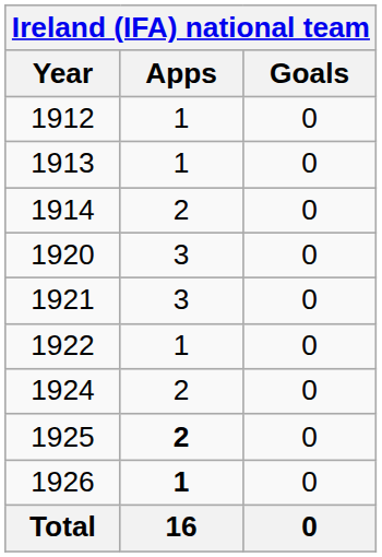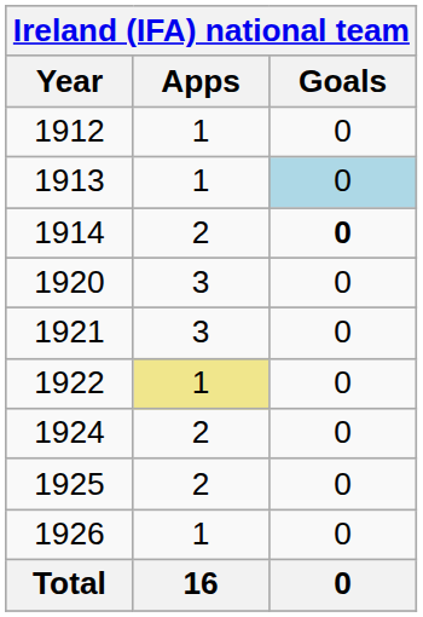 <table class="wikitable" style="text-align:center">
 <tr>
 <th colspan=3><a href='#'>Ireland (IFA) national team</a></th>
 </tr>
 <tr>
 <th>Year</th>
 <th>Apps</th>
 <th>Goals</th>
 </tr>
 <tr>
 <td>1912</td>
 <td>1</td>
 <td>0</td>
 </tr>
 <tr>
 <td>1913</td>
 <td>1</td>
-<td>0</td>
+<td style="background: lightblue;">0</td>
 </tr>
 <tr>
 <td>1914</td>
 <td>2</td>
-<td>0</td>
+<td><strong>0</strong></td>
 </tr>
 <tr>
 <td>1920</td>
 <td>3</td>
 <td>0</td>
 </tr>
 <tr>
 <td>1921</td>
 <td>3</td>
 <td>0</td>
 </tr>
 <tr>
 <td>1922</td>
-<td>1</td>
+<td style="background: khaki;">1</td>
 <td>0</td>
 </tr>
 <tr>
 <td>1924</td>
 <td>2</td>
 <td>0</td>
 </tr>
 <tr>
 <td>1925</td>
-<td><strong>2</strong></td>
+<td>2</td>
 <td>0</td>
 </tr>
 <tr>
 <td>1926</td>
-<td><strong>1</strong></td>
+<td>1</td>
 <td>0</td>
 </tr>
 <tr>
 <th>Total</th>
 <th>16</th>
 <th>0</th>
 </tr>
 </table>
